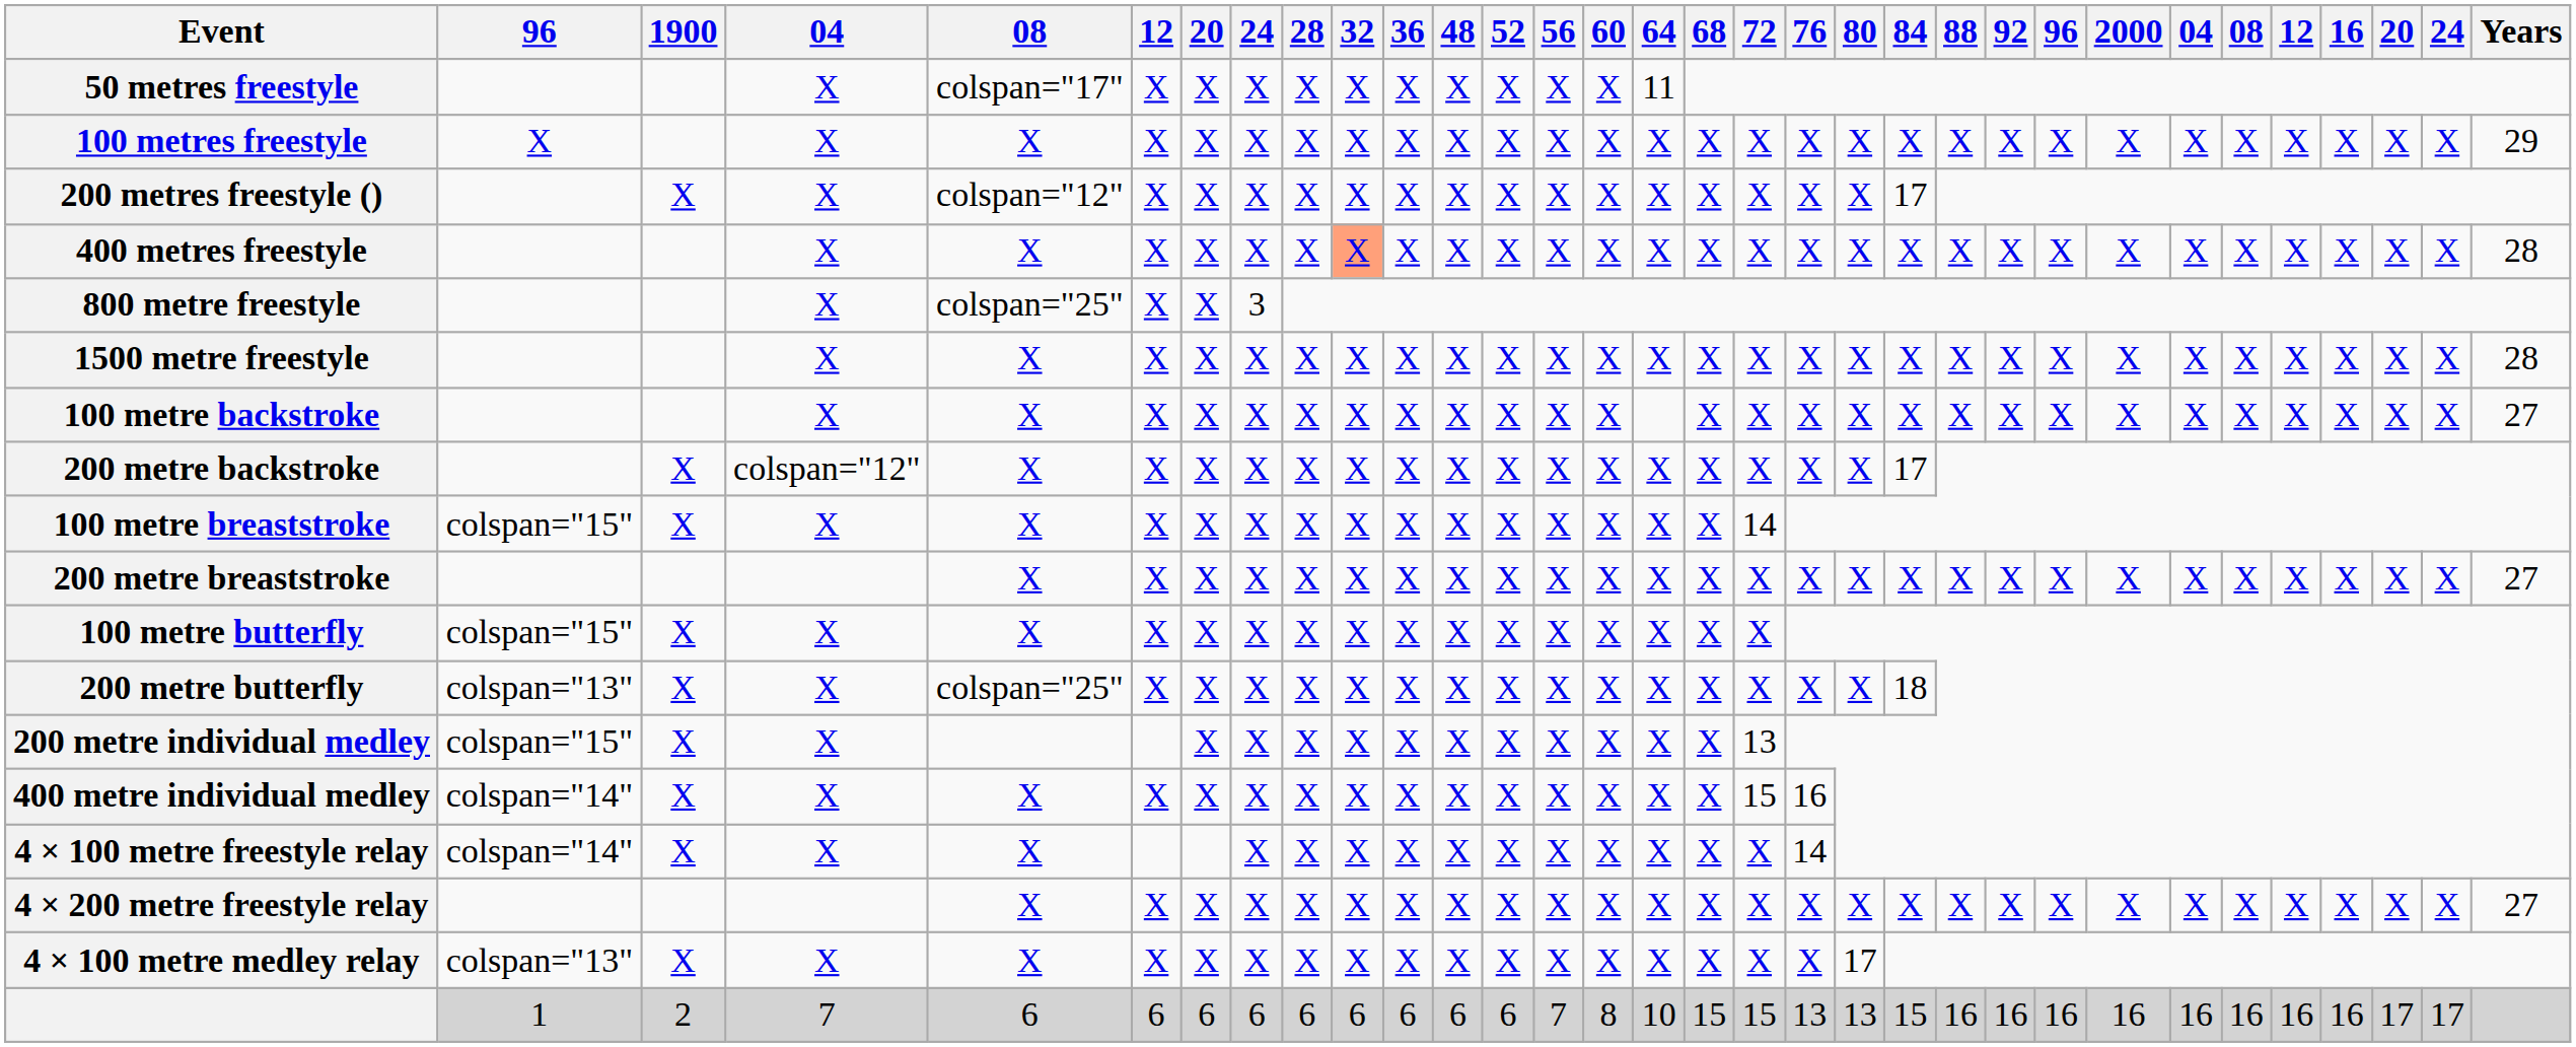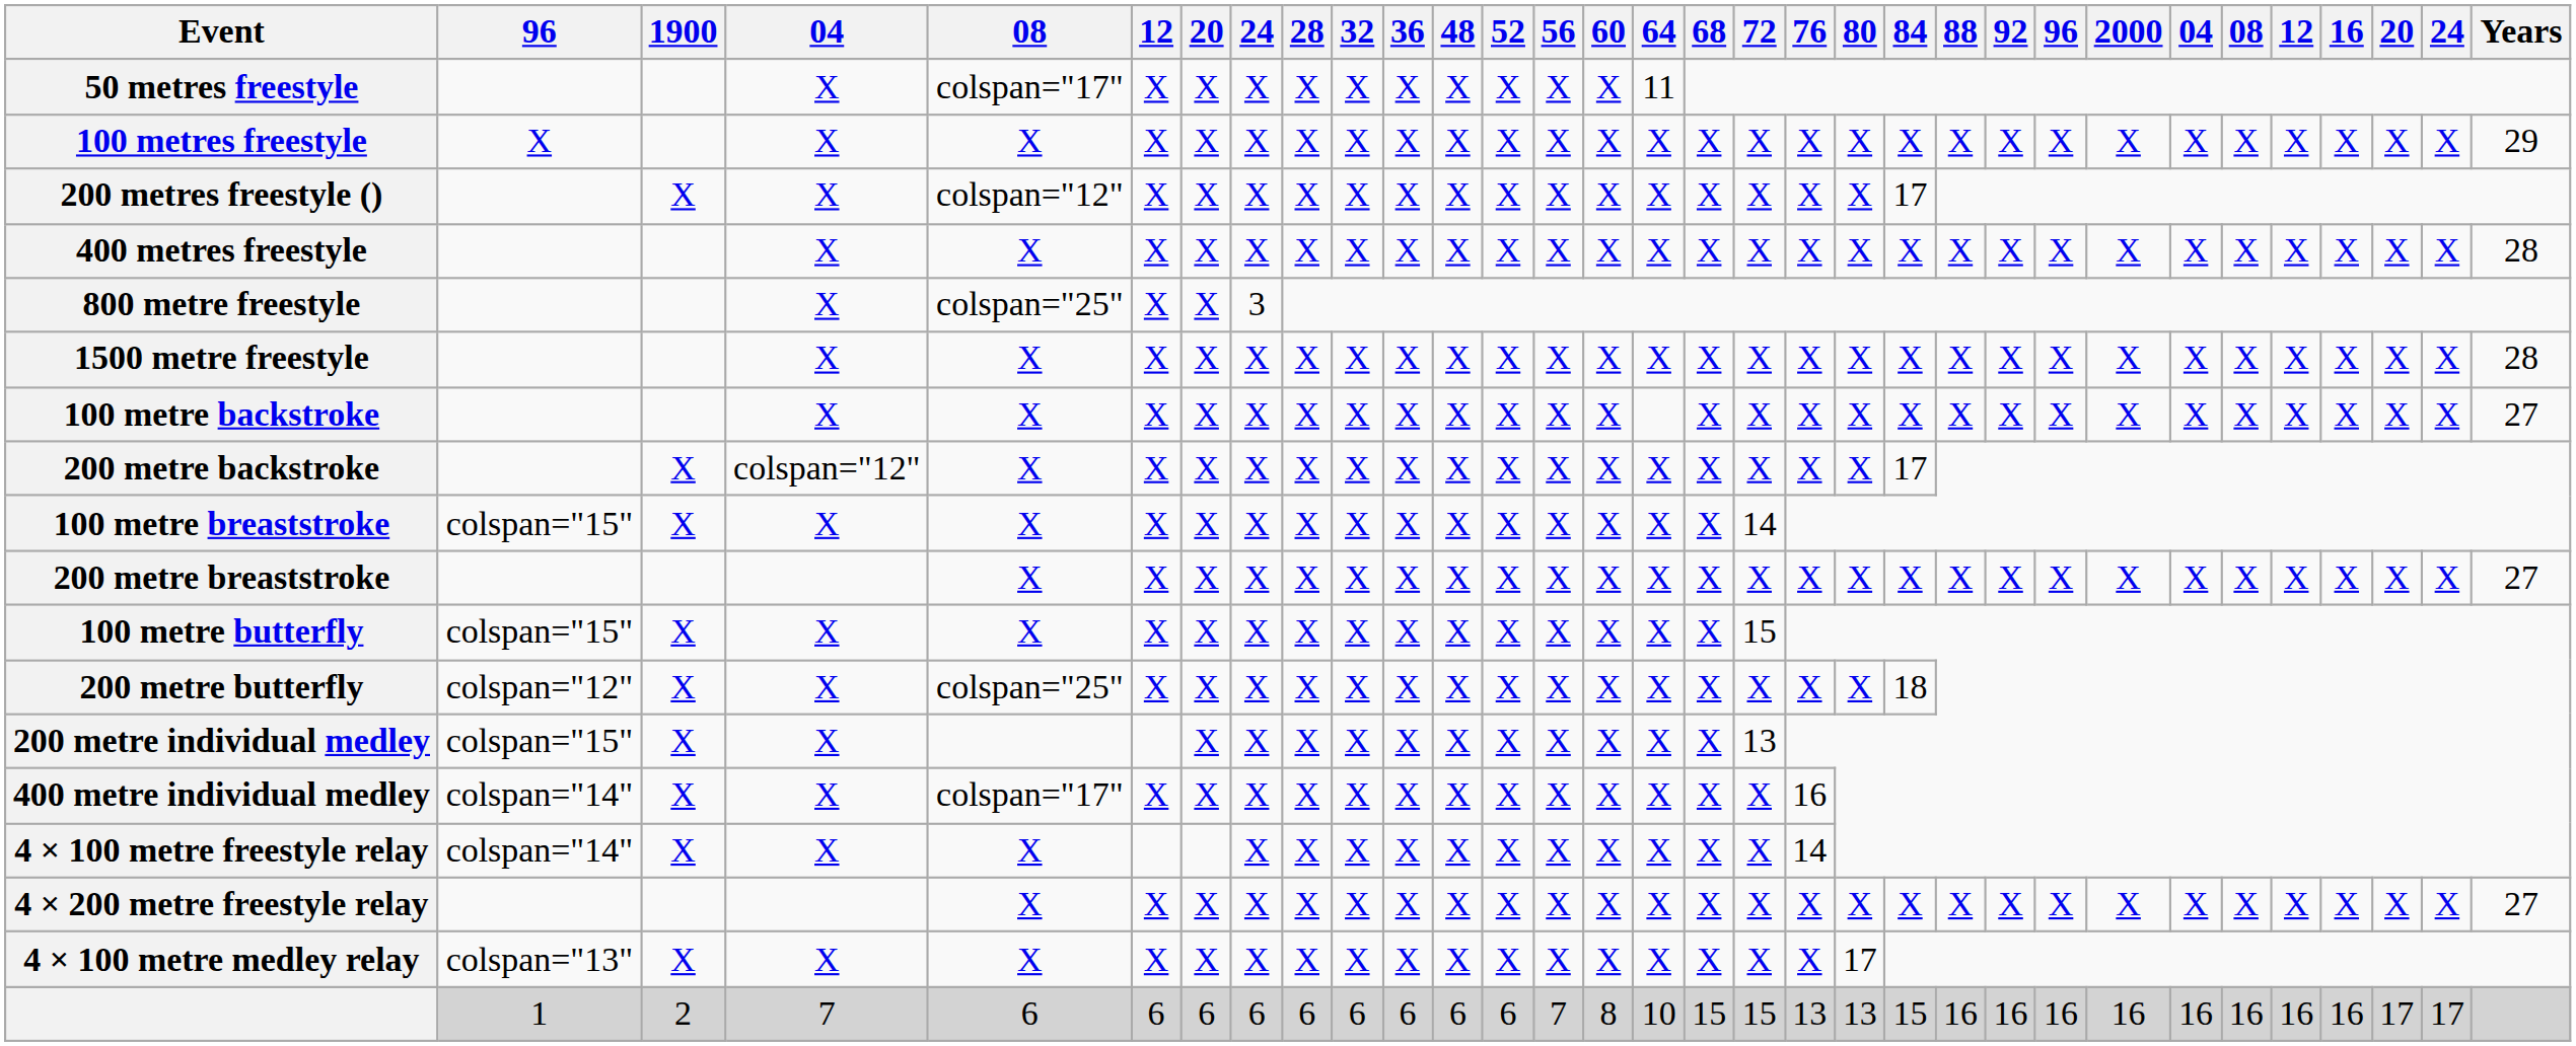 <table class="wikitable plainrowheaders sticky-table-row1 sticky-table-col1" style="text-align:center;">
 <tr>
 <th scope="col">Event</th>
 <th scope="col"><a href='#'>96</a></th>
 <th scope="col"><a href='#'>1900</a></th>
 <th scope="col"><a href='#'>04</a></th>
 <th scope="col"><a href='#'>08</a></th>
 <th scope="col"><a href='#'>12</a></th>
 <th scope="col"><a href='#'>20</a></th>
 <th scope="col"><a href='#'>24</a></th>
 <th scope="col"><a href='#'>28</a></th>
 <th scope="col"><a href='#'>32</a></th>
 <th scope="col"><a href='#'>36</a></th>
 <th scope="col"><a href='#'>48</a></th>
 <th scope="col"><a href='#'>52</a></th>
 <th scope="col"><a href='#'>56</a></th>
 <th scope="col"><a href='#'>60</a></th>
 <th scope="col"><a href='#'>64</a></th>
 <th scope="col"><a href='#'>68</a></th>
 <th scope="col"><a href='#'>72</a></th>
 <th scope="col"><a href='#'>76</a></th>
 <th scope="col"><a href='#'>80</a></th>
 <th scope="col"><a href='#'>84</a></th>
 <th scope="col"><a href='#'>88</a></th>
 <th scope="col"><a href='#'>92</a></th>
 <th scope="col"><a href='#'>96</a></th>
 <th scope="col"><a href='#'>2000</a></th>
 <th scope="col"><a href='#'>04</a></th>
 <th scope="col"><a href='#'>08</a></th>
 <th scope="col"><a href='#'>12</a></th>
 <th scope="col"><a href='#'>16</a></th>
 <th scope="col"><a href='#'>20</a></th>
 <th scope="col"><a href='#'>24</a></th>
 <th scope="col">Years</th>
 </tr>
 <tr>
 <th scope="row">50 metres <a href='#'>freestyle</a></th>
 <td></td>
 <td></td>
 <td><a href='#'>X</a></td>
 <td>colspan="17"</td>
 <td><a href='#'>X</a></td>
 <td><a href='#'>X</a></td>
 <td><a href='#'>X</a></td>
 <td><a href='#'>X</a></td>
 <td><a href='#'>X</a></td>
 <td><a href='#'>X</a></td>
 <td><a href='#'>X</a></td>
 <td><a href='#'>X</a></td>
 <td><a href='#'>X</a></td>
 <td><a href='#'>X</a></td>
 <td>11</td>
 </tr>
 <tr>
 <th scope="row"><a href='#'>100 metres freestyle</a></th>
 <td><a href='#'>X</a></td>
 <td></td>
 <td><a href='#'>X</a></td>
 <td><a href='#'>X</a></td>
 <td><a href='#'>X</a></td>
 <td><a href='#'>X</a></td>
 <td><a href='#'>X</a></td>
 <td><a href='#'>X</a></td>
 <td><a href='#'>X</a></td>
 <td><a href='#'>X</a></td>
 <td><a href='#'>X</a></td>
 <td><a href='#'>X</a></td>
 <td><a href='#'>X</a></td>
 <td><a href='#'>X</a></td>
 <td><a href='#'>X</a></td>
 <td><a href='#'>X</a></td>
 <td><a href='#'>X</a></td>
 <td><a href='#'>X</a></td>
 <td><a href='#'>X</a></td>
 <td><a href='#'>X</a></td>
 <td><a href='#'>X</a></td>
 <td><a href='#'>X</a></td>
 <td><a href='#'>X</a></td>
 <td><a href='#'>X</a></td>
 <td><a href='#'>X</a></td>
 <td><a href='#'>X</a></td>
 <td><a href='#'>X</a></td>
 <td><a href='#'>X</a></td>
 <td><a href='#'>X</a></td>
 <td><a href='#'>X</a></td>
 <td>29</td>
 </tr>
 <tr>
 <th scope="row">200 metres freestyle ()</th>
 <td></td>
 <td><a href='#'>X</a></td>
 <td><a href='#'>X</a></td>
 <td>colspan="12"</td>
 <td><a href='#'>X</a></td>
 <td><a href='#'>X</a></td>
 <td><a href='#'>X</a></td>
 <td><a href='#'>X</a></td>
 <td><a href='#'>X</a></td>
 <td><a href='#'>X</a></td>
 <td><a href='#'>X</a></td>
 <td><a href='#'>X</a></td>
 <td><a href='#'>X</a></td>
 <td><a href='#'>X</a></td>
 <td><a href='#'>X</a></td>
 <td><a href='#'>X</a></td>
 <td><a href='#'>X</a></td>
 <td><a href='#'>X</a></td>
 <td><a href='#'>X</a></td>
 <td>17</td>
 </tr>
 <tr>
 <th scope="row">400 metres freestyle</th>
 <td></td>
 <td></td>
 <td><a href='#'>X</a></td>
 <td><a href='#'>X</a></td>
 <td><a href='#'>X</a></td>
 <td><a href='#'>X</a></td>
 <td><a href='#'>X</a></td>
 <td><a href='#'>X</a></td>
-<td style="background: lightsalmon;"><a href='#'>X</a></td>
+<td><a href='#'>X</a></td>
 <td><a href='#'>X</a></td>
 <td><a href='#'>X</a></td>
 <td><a href='#'>X</a></td>
 <td><a href='#'>X</a></td>
 <td><a href='#'>X</a></td>
 <td><a href='#'>X</a></td>
 <td><a href='#'>X</a></td>
 <td><a href='#'>X</a></td>
 <td><a href='#'>X</a></td>
 <td><a href='#'>X</a></td>
 <td><a href='#'>X</a></td>
 <td><a href='#'>X</a></td>
 <td><a href='#'>X</a></td>
 <td><a href='#'>X</a></td>
 <td><a href='#'>X</a></td>
 <td><a href='#'>X</a></td>
 <td><a href='#'>X</a></td>
 <td><a href='#'>X</a></td>
 <td><a href='#'>X</a></td>
 <td><a href='#'>X</a></td>
 <td><a href='#'>X</a></td>
 <td>28</td>
 </tr>
 <tr>
 <th scope="row">800 metre freestyle</th>
 <td></td>
 <td></td>
 <td><a href='#'>X</a></td>
 <td>colspan="25"</td>
 <td><a href='#'>X</a></td>
 <td><a href='#'>X</a></td>
 <td>3</td>
 </tr>
 <tr align=center>
 <th scope="row">1500 metre freestyle</th>
 <td></td>
 <td></td>
 <td><a href='#'>X</a></td>
 <td><a href='#'>X</a></td>
 <td><a href='#'>X</a></td>
 <td><a href='#'>X</a></td>
 <td><a href='#'>X</a></td>
 <td><a href='#'>X</a></td>
 <td><a href='#'>X</a></td>
 <td><a href='#'>X</a></td>
 <td><a href='#'>X</a></td>
 <td><a href='#'>X</a></td>
 <td><a href='#'>X</a></td>
 <td><a href='#'>X</a></td>
 <td><a href='#'>X</a></td>
 <td><a href='#'>X</a></td>
 <td><a href='#'>X</a></td>
 <td><a href='#'>X</a></td>
 <td><a href='#'>X</a></td>
 <td><a href='#'>X</a></td>
 <td><a href='#'>X</a></td>
 <td><a href='#'>X</a></td>
 <td><a href='#'>X</a></td>
 <td><a href='#'>X</a></td>
 <td><a href='#'>X</a></td>
 <td><a href='#'>X</a></td>
 <td><a href='#'>X</a></td>
 <td><a href='#'>X</a></td>
 <td><a href='#'>X</a></td>
 <td><a href='#'>X</a></td>
 <td>28</td>
 </tr>
 <tr>
 <th scope="row">100 metre <a href='#'>backstroke</a></th>
 <td></td>
 <td></td>
 <td><a href='#'>X</a></td>
 <td><a href='#'>X</a></td>
 <td><a href='#'>X</a></td>
 <td><a href='#'>X</a></td>
 <td><a href='#'>X</a></td>
 <td><a href='#'>X</a></td>
 <td><a href='#'>X</a></td>
 <td><a href='#'>X</a></td>
 <td><a href='#'>X</a></td>
 <td><a href='#'>X</a></td>
 <td><a href='#'>X</a></td>
 <td><a href='#'>X</a></td>
 <td></td>
 <td><a href='#'>X</a></td>
 <td><a href='#'>X</a></td>
 <td><a href='#'>X</a></td>
 <td><a href='#'>X</a></td>
 <td><a href='#'>X</a></td>
 <td><a href='#'>X</a></td>
 <td><a href='#'>X</a></td>
 <td><a href='#'>X</a></td>
 <td><a href='#'>X</a></td>
 <td><a href='#'>X</a></td>
 <td><a href='#'>X</a></td>
 <td><a href='#'>X</a></td>
 <td><a href='#'>X</a></td>
 <td><a href='#'>X</a></td>
 <td><a href='#'>X</a></td>
 <td>27</td>
 </tr>
 <tr>
 <th scope="row">200 metre backstroke</th>
 <td></td>
 <td><a href='#'>X</a></td>
 <td>colspan="12"</td>
 <td><a href='#'>X</a></td>
 <td><a href='#'>X</a></td>
 <td><a href='#'>X</a></td>
 <td><a href='#'>X</a></td>
 <td><a href='#'>X</a></td>
 <td><a href='#'>X</a></td>
 <td><a href='#'>X</a></td>
 <td><a href='#'>X</a></td>
 <td><a href='#'>X</a></td>
 <td><a href='#'>X</a></td>
 <td><a href='#'>X</a></td>
 <td><a href='#'>X</a></td>
 <td><a href='#'>X</a></td>
 <td><a href='#'>X</a></td>
 <td><a href='#'>X</a></td>
 <td><a href='#'>X</a></td>
 <td>17</td>
 </tr>
 <tr>
 <th scope="row">100 metre <a href='#'>breaststroke</a></th>
 <td>colspan="15"</td>
 <td><a href='#'>X</a></td>
 <td><a href='#'>X</a></td>
 <td><a href='#'>X</a></td>
 <td><a href='#'>X</a></td>
 <td><a href='#'>X</a></td>
 <td><a href='#'>X</a></td>
 <td><a href='#'>X</a></td>
 <td><a href='#'>X</a></td>
 <td><a href='#'>X</a></td>
 <td><a href='#'>X</a></td>
 <td><a href='#'>X</a></td>
 <td><a href='#'>X</a></td>
 <td><a href='#'>X</a></td>
 <td><a href='#'>X</a></td>
 <td><a href='#'>X</a></td>
 <td>14</td>
 </tr>
 <tr>
 <th scope="row">200 metre breaststroke</th>
 <td></td>
 <td></td>
 <td></td>
 <td><a href='#'>X</a></td>
 <td><a href='#'>X</a></td>
 <td><a href='#'>X</a></td>
 <td><a href='#'>X</a></td>
 <td><a href='#'>X</a></td>
 <td><a href='#'>X</a></td>
 <td><a href='#'>X</a></td>
 <td><a href='#'>X</a></td>
 <td><a href='#'>X</a></td>
 <td><a href='#'>X</a></td>
 <td><a href='#'>X</a></td>
 <td><a href='#'>X</a></td>
 <td><a href='#'>X</a></td>
 <td><a href='#'>X</a></td>
 <td><a href='#'>X</a></td>
 <td><a href='#'>X</a></td>
 <td><a href='#'>X</a></td>
 <td><a href='#'>X</a></td>
 <td><a href='#'>X</a></td>
 <td><a href='#'>X</a></td>
 <td><a href='#'>X</a></td>
 <td><a href='#'>X</a></td>
 <td><a href='#'>X</a></td>
 <td><a href='#'>X</a></td>
 <td><a href='#'>X</a></td>
 <td><a href='#'>X</a></td>
 <td><a href='#'>X</a></td>
 <td>27</td>
 </tr>
 <tr>
 <th scope="row">100 metre <a href='#'>butterfly</a></th>
 <td>colspan="15"</td>
 <td><a href='#'>X</a></td>
 <td><a href='#'>X</a></td>
 <td><a href='#'>X</a></td>
 <td><a href='#'>X</a></td>
 <td><a href='#'>X</a></td>
 <td><a href='#'>X</a></td>
 <td><a href='#'>X</a></td>
 <td><a href='#'>X</a></td>
 <td><a href='#'>X</a></td>
 <td><a href='#'>X</a></td>
 <td><a href='#'>X</a></td>
 <td><a href='#'>X</a></td>
 <td><a href='#'>X</a></td>
 <td><a href='#'>X</a></td>
 <td><a href='#'>X</a></td>
-<td><a href='#'>X</a></td>
+<td>15</td>
 </tr>
 <tr>
 <th scope="row">200 metre butterfly</th>
-<td>colspan="13"</td>
+<td>colspan="12"</td>
 <td><a href='#'>X</a></td>
 <td><a href='#'>X</a></td>
 <td>colspan="25"</td>
 <td><a href='#'>X</a></td>
 <td><a href='#'>X</a></td>
 <td><a href='#'>X</a></td>
 <td><a href='#'>X</a></td>
 <td><a href='#'>X</a></td>
 <td><a href='#'>X</a></td>
 <td><a href='#'>X</a></td>
 <td><a href='#'>X</a></td>
 <td><a href='#'>X</a></td>
 <td><a href='#'>X</a></td>
 <td><a href='#'>X</a></td>
 <td><a href='#'>X</a></td>
 <td><a href='#'>X</a></td>
 <td><a href='#'>X</a></td>
 <td><a href='#'>X</a></td>
 <td>18</td>
 </tr>
 <tr>
 <th scope="row">200 metre individual <a href='#'>medley</a></th>
 <td>colspan="15"</td>
 <td><a href='#'>X</a></td>
 <td><a href='#'>X</a></td>
 <td></td>
 <td></td>
 <td><a href='#'>X</a></td>
 <td><a href='#'>X</a></td>
 <td><a href='#'>X</a></td>
 <td><a href='#'>X</a></td>
 <td><a href='#'>X</a></td>
 <td><a href='#'>X</a></td>
 <td><a href='#'>X</a></td>
 <td><a href='#'>X</a></td>
 <td><a href='#'>X</a></td>
 <td><a href='#'>X</a></td>
 <td><a href='#'>X</a></td>
 <td>13</td>
 </tr>
 <tr>
 <th scope="row">400 metre individual medley</th>
 <td>colspan="14"</td>
 <td><a href='#'>X</a></td>
 <td><a href='#'>X</a></td>
+<td>colspan="17"</td>
 <td><a href='#'>X</a></td>
 <td><a href='#'>X</a></td>
 <td><a href='#'>X</a></td>
 <td><a href='#'>X</a></td>
 <td><a href='#'>X</a></td>
 <td><a href='#'>X</a></td>
 <td><a href='#'>X</a></td>
 <td><a href='#'>X</a></td>
 <td><a href='#'>X</a></td>
 <td><a href='#'>X</a></td>
 <td><a href='#'>X</a></td>
 <td><a href='#'>X</a></td>
 <td><a href='#'>X</a></td>
-<td>15</td>
 <td>16</td>
 </tr>
 <tr>
 <th scope="row">4 × 100 metre freestyle relay</th>
 <td>colspan="14"</td>
 <td><a href='#'>X</a></td>
 <td><a href='#'>X</a></td>
 <td><a href='#'>X</a></td>
 <td></td>
 <td></td>
 <td><a href='#'>X</a></td>
 <td><a href='#'>X</a></td>
 <td><a href='#'>X</a></td>
 <td><a href='#'>X</a></td>
 <td><a href='#'>X</a></td>
 <td><a href='#'>X</a></td>
 <td><a href='#'>X</a></td>
 <td><a href='#'>X</a></td>
 <td><a href='#'>X</a></td>
 <td><a href='#'>X</a></td>
 <td><a href='#'>X</a></td>
 <td>14</td>
 </tr>
 <tr>
 <th scope="row">4 × 200 metre freestyle relay</th>
 <td></td>
 <td></td>
 <td></td>
 <td><a href='#'>X</a></td>
 <td><a href='#'>X</a></td>
 <td><a href='#'>X</a></td>
 <td><a href='#'>X</a></td>
 <td><a href='#'>X</a></td>
 <td><a href='#'>X</a></td>
 <td><a href='#'>X</a></td>
 <td><a href='#'>X</a></td>
 <td><a href='#'>X</a></td>
 <td><a href='#'>X</a></td>
 <td><a href='#'>X</a></td>
 <td><a href='#'>X</a></td>
 <td><a href='#'>X</a></td>
 <td><a href='#'>X</a></td>
 <td><a href='#'>X</a></td>
 <td><a href='#'>X</a></td>
 <td><a href='#'>X</a></td>
 <td><a href='#'>X</a></td>
 <td><a href='#'>X</a></td>
 <td><a href='#'>X</a></td>
 <td><a href='#'>X</a></td>
 <td><a href='#'>X</a></td>
 <td><a href='#'>X</a></td>
 <td><a href='#'>X</a></td>
 <td><a href='#'>X</a></td>
 <td><a href='#'>X</a></td>
 <td><a href='#'>X</a></td>
 <td>27</td>
 </tr>
 <tr>
 <th scope="row">4 × 100 metre medley relay</th>
 <td>colspan="13"</td>
 <td><a href='#'>X</a></td>
 <td><a href='#'>X</a></td>
 <td><a href='#'>X</a></td>
 <td><a href='#'>X</a></td>
 <td><a href='#'>X</a></td>
 <td><a href='#'>X</a></td>
 <td><a href='#'>X</a></td>
 <td><a href='#'>X</a></td>
 <td><a href='#'>X</a></td>
 <td><a href='#'>X</a></td>
 <td><a href='#'>X</a></td>
 <td><a href='#'>X</a></td>
 <td><a href='#'>X</a></td>
 <td><a href='#'>X</a></td>
 <td><a href='#'>X</a></td>
 <td><a href='#'>X</a></td>
 <td><a href='#'>X</a></td>
 <td>17</td>
 </tr>
 <tr bgcolor=lightgray>
 <th scope="row"><strong></strong></th>
 <td>1</td>
 <td>2</td>
 <td>7</td>
 <td>6</td>
 <td>6</td>
 <td>6</td>
 <td>6</td>
 <td>6</td>
 <td>6</td>
 <td>6</td>
 <td>6</td>
 <td>6</td>
 <td>7</td>
 <td>8</td>
 <td>10</td>
 <td>15</td>
 <td>15</td>
 <td>13</td>
 <td>13</td>
 <td>15</td>
 <td>16</td>
 <td>16</td>
 <td>16</td>
 <td>16</td>
 <td>16</td>
 <td>16</td>
 <td>16</td>
 <td>16</td>
 <td>17</td>
 <td>17</td>
 <td></td>
 </tr>
 </table>
